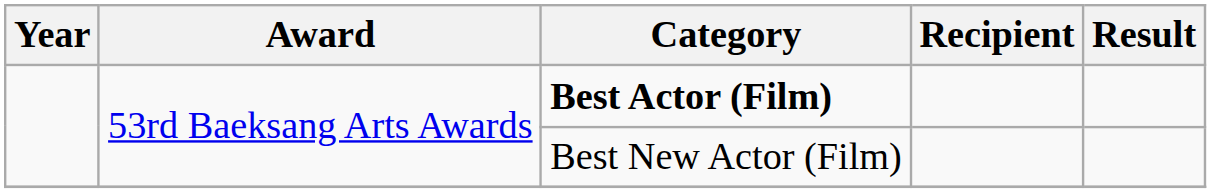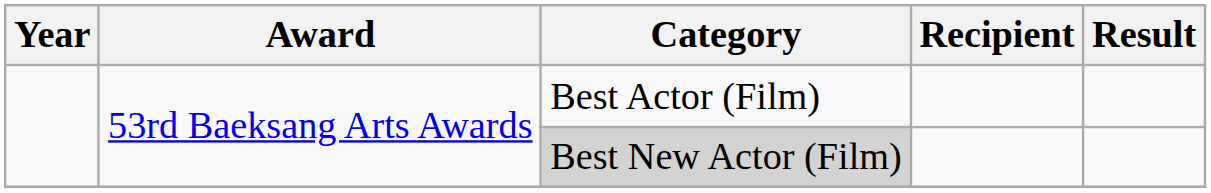 <table class="wikitable">
 <tr>
 <th>Year</th>
 <th>Award</th>
 <th>Category</th>
 <th>Recipient</th>
 <th>Result</th>
 </tr>
 <tr>
 <td rowspan="2"></td>
 <td rowspan="2"><a href='#'>53rd Baeksang Arts Awards</a></td>
-<td><strong>Best Actor (Film)</strong></td>
+<td>Best Actor (Film)</td>
 <td></td>
 <td></td>
 </tr>
 <tr>
-<td>Best New Actor (Film)</td>
+<td style="background: lightgrey;">Best New Actor (Film)</td>
 <td></td>
 <td></td>
 </tr>
 <tr>
 </tr>
 </table>
